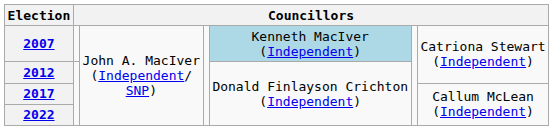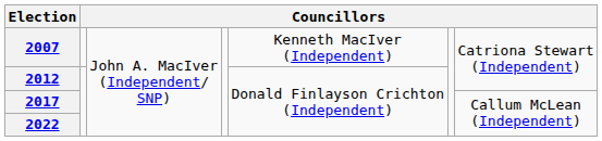 <table class="wikitable" style="text-align:center">
 <tr>
 <th>Election</th>
 <th colspan=8>Councillors</th>
 </tr>
 <tr>
 <th><a href='#'>2007</a></th>
 <td rowspan=1; style="background-color: "></td>
 <td rowspan=4>John A. MacIver<br>(<a href='#'>Independent</a>/<br><a href='#'>SNP</a>)</td>
 <td rowspan=4; style="background-color: "></td>
-<td rowspan=1 style="background: lightblue;">Kenneth MacIver<br>(<a href='#'>Independent</a>)</td>
+<td rowspan=1>Kenneth MacIver<br>(<a href='#'>Independent</a>)</td>
 <td rowspan=4; style="background-color: "></td>
 <td rowspan=2>Catriona Stewart<br>(<a href='#'>Independent</a>)</td>
 </tr>
 <tr>
 <th><a href='#'>2012</a></th>
 <td rowspan=3; style="background-color: "></td>
 <td rowspan=3>Donald Finlayson Crichton<br>(<a href='#'>Independent</a>)</td>
 </tr>
 <tr>
 <th><a href='#'>2017</a></th>
 <td rowspan=2>Callum McLean<br>(<a href='#'>Independent</a>)</td>
 </tr>
 <tr>
 <th><a href='#'>2022</a></th>
 </tr>
 </table>
